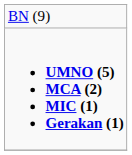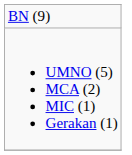 <table class="wikitable">
 <tr>
 <td> <a href='#'>BN</a> (9)</td>
 </tr>
 <tr>
-<td><strong><br><ul><li> <a href='#'>UMNO</a> (5)</li><li> <a href='#'>MCA</a> (2)</li><li> <a href='#'>MIC</a> (1)</li><li> <a href='#'>Gerakan</a> (1)</li></ul></strong></td>
+<td><br><ul><li> <a href='#'>UMNO</a> (5)</li><li> <a href='#'>MCA</a> (2)</li><li> <a href='#'>MIC</a> (1)</li><li> <a href='#'>Gerakan</a> (1)</li></ul></td>
 </tr>
 <tr>
 </tr>
 </table>
